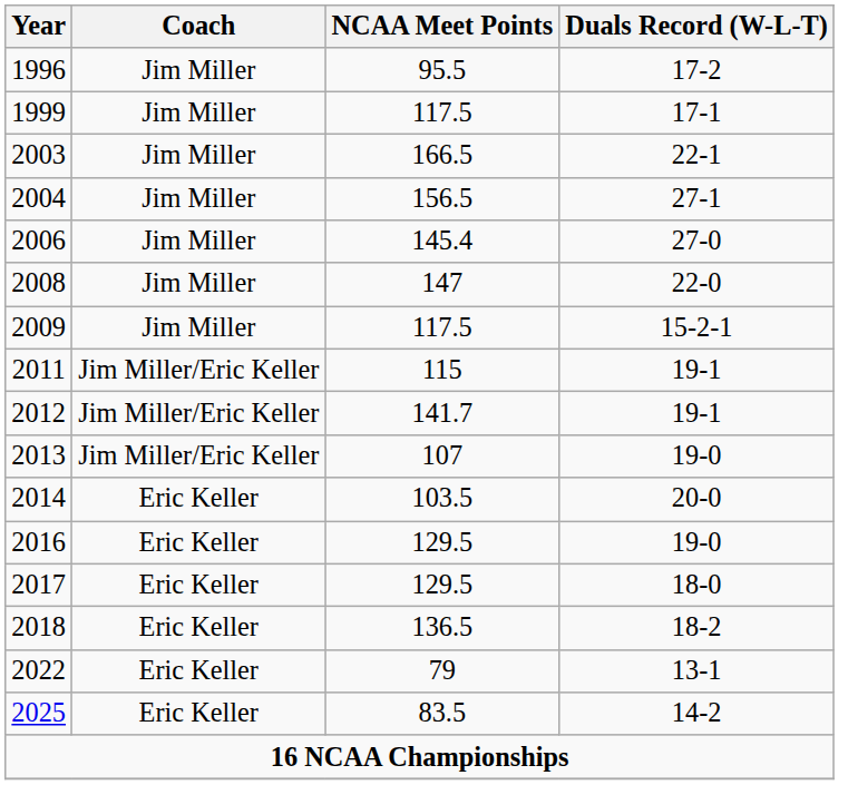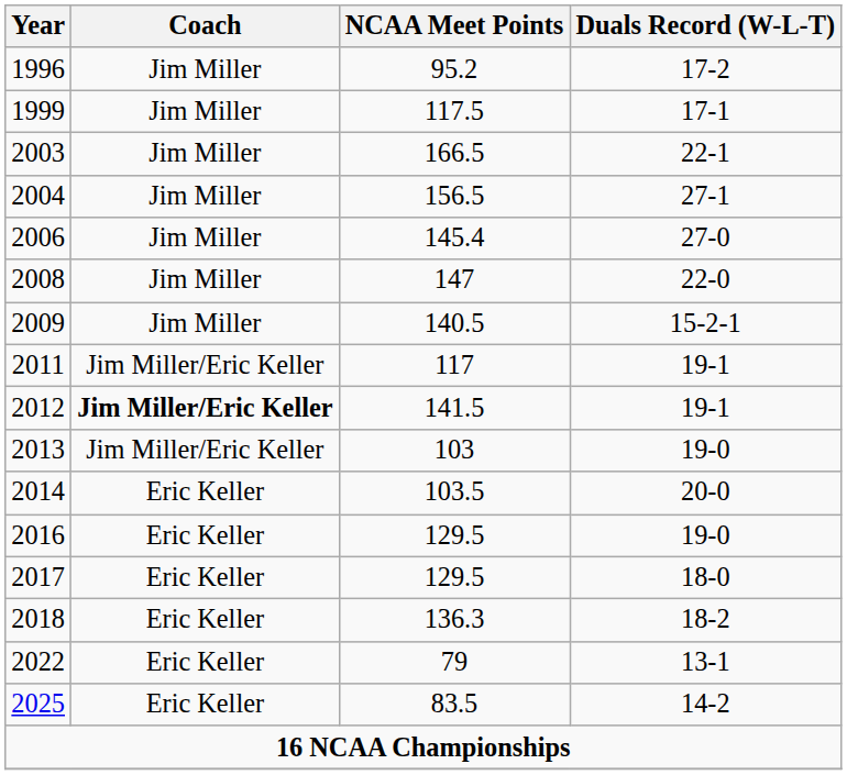 <table class="wikitable" style="text-align:center; padding:2px">
 <tr>
 <th>Year</th>
 <th>Coach</th>
 <th>NCAA Meet Points</th>
 <th>Duals Record (W-L-T)</th>
 </tr>
 <tr>
 <td>1996</td>
 <td>Jim Miller</td>
-<td>95.5</td>
+<td>95.2</td>
 <td>17-2</td>
 </tr>
 <tr>
 <td>1999</td>
 <td>Jim Miller</td>
 <td>117.5</td>
 <td>17-1</td>
 </tr>
 <tr>
 <td>2003</td>
 <td>Jim Miller</td>
 <td>166.5</td>
 <td>22-1</td>
 </tr>
 <tr>
 <td>2004</td>
 <td>Jim Miller</td>
 <td>156.5</td>
 <td>27-1</td>
 </tr>
 <tr>
 <td>2006</td>
 <td>Jim Miller</td>
 <td>145.4</td>
 <td>27-0</td>
 </tr>
 <tr>
 <td>2008</td>
 <td>Jim Miller</td>
 <td>147</td>
 <td>22-0</td>
 </tr>
 <tr>
 <td>2009</td>
 <td>Jim Miller</td>
-<td>117.5</td>
+<td>140.5</td>
 <td>15-2-1</td>
 </tr>
 <tr>
 <td>2011</td>
 <td>Jim Miller/Eric Keller</td>
-<td>115</td>
+<td>117</td>
 <td>19-1</td>
 </tr>
 <tr>
 <td>2012</td>
-<td>Jim Miller/Eric Keller</td>
-<td>141.7</td>
+<td><strong>Jim Miller/Eric Keller</strong></td>
+<td>141.5</td>
 <td>19-1</td>
 </tr>
 <tr>
 <td>2013</td>
 <td>Jim Miller/Eric Keller</td>
-<td>107</td>
+<td>103</td>
 <td>19-0</td>
 </tr>
 <tr>
 <td>2014</td>
 <td>Eric Keller</td>
 <td>103.5</td>
 <td>20-0</td>
 </tr>
 <tr>
 <td>2016</td>
 <td>Eric Keller</td>
 <td>129.5</td>
 <td>19-0</td>
 </tr>
 <tr>
 <td>2017</td>
 <td>Eric Keller</td>
 <td>129.5</td>
 <td>18-0</td>
 </tr>
 <tr>
 <td>2018</td>
 <td>Eric Keller</td>
-<td>136.5</td>
+<td>136.3</td>
 <td>18-2</td>
 </tr>
 <tr>
 <td>2022</td>
 <td>Eric Keller</td>
 <td>79</td>
 <td>13-1</td>
 </tr>
 <tr>
 <td><a href='#'>2025</a></td>
 <td>Eric Keller</td>
 <td>83.5</td>
 <td>14-2</td>
 </tr>
 <tr>
 <td colspan="6"><strong>16 NCAA Championships</strong></td>
 </tr>
 <tr>
 </tr>
 </table>
